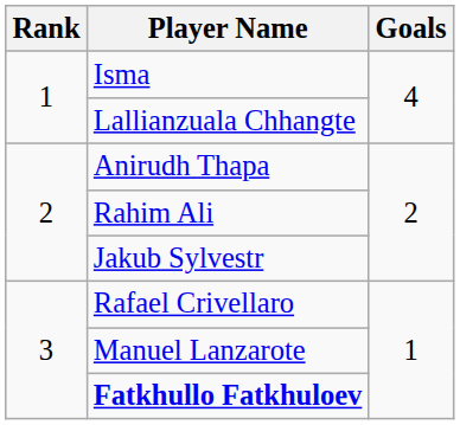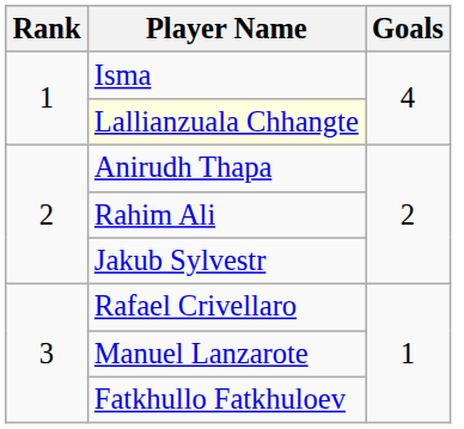 <table class="wikitable" style="text-align: center;">
 <tr>
 <th>Rank</th>
 <th>Player Name</th>
 <th>Goals</th>
 </tr>
 <tr>
 <td rowspan="2">1</td>
 <td align="left"> <a href='#'>Isma</a></td>
 <td rowspan="2">4</td>
 </tr>
 <tr>
-<td align="left"> <a href='#'>Lallianzuala Chhangte</a></td>
+<td align="left" style="background: lightyellow;"> <a href='#'>Lallianzuala Chhangte</a></td>
 </tr>
 <tr>
 <td rowspan="3">2</td>
 <td align="left"> <a href='#'>Anirudh Thapa</a></td>
 <td rowspan="3">2</td>
 </tr>
 <tr>
 <td align="left"> <a href='#'>Rahim Ali</a></td>
 </tr>
 <tr>
 <td align="left"> <a href='#'>Jakub Sylvestr</a></td>
 </tr>
 <tr>
 <td rowspan="3">3</td>
 <td align="left"> <a href='#'>Rafael Crivellaro</a></td>
 <td rowspan="3">1</td>
 </tr>
 <tr>
 <td align="left"> <a href='#'>Manuel Lanzarote</a></td>
 </tr>
 <tr>
-<td align="left"><strong> <a href='#'>Fatkhullo Fatkhuloev</a></strong></td>
+<td align="left"> <a href='#'>Fatkhullo Fatkhuloev</a></td>
 </tr>
 </table>
